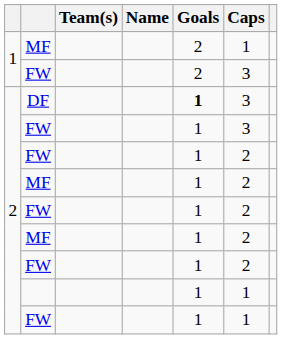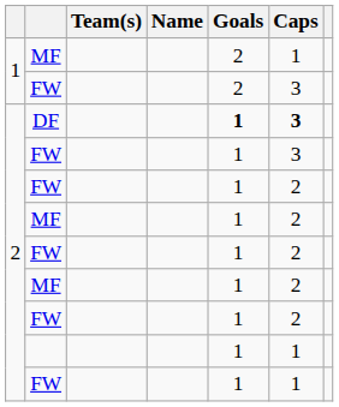 <table class="wikitable" style="text-align: center;">
 <tr>
 <th></th>
 <th></th>
 <th>Team(s)</th>
 <th>Name</th>
 <th>Goals</th>
 <th>Caps</th>
 <th></th>
 </tr>
 <tr>
 <td rowspan="2">1</td>
 <td><a href='#'>MF</a></td>
 <td></td>
 <td><strong></strong></td>
 <td>2</td>
 <td>1</td>
 <td></td>
 </tr>
 <tr>
 <td><a href='#'>FW</a></td>
 <td></td>
 <td><strong></strong></td>
 <td>2</td>
 <td>3</td>
 <td></td>
 </tr>
 <tr>
 <td rowspan="9">2</td>
 <td><a href='#'>DF</a></td>
 <td></td>
 <td><strong></strong></td>
 <td><strong>1</strong></td>
-<td>3</td>
+<td><strong>3</strong></td>
 <td></td>
 </tr>
 <tr>
 <td><a href='#'>FW</a></td>
 <td></td>
 <td><strong></strong></td>
 <td>1</td>
 <td>3</td>
 <td></td>
 </tr>
 <tr>
 <td><a href='#'>FW</a></td>
 <td></td>
 <td></td>
 <td>1</td>
 <td>2</td>
 <td></td>
 </tr>
 <tr>
 <td><a href='#'>MF</a></td>
 <td></td>
 <td><strong></strong></td>
 <td>1</td>
 <td>2</td>
 <td></td>
 </tr>
 <tr>
 <td><a href='#'>FW</a></td>
 <td></td>
 <td><strong></strong></td>
 <td>1</td>
 <td>2</td>
 <td></td>
 </tr>
 <tr>
 <td><a href='#'>MF</a></td>
 <td></td>
 <td><strong></strong></td>
 <td>1</td>
 <td>2</td>
 <td></td>
 </tr>
 <tr>
 <td><a href='#'>FW</a></td>
 <td></td>
 <td><strong></strong></td>
 <td>1</td>
 <td>2</td>
 <td></td>
 </tr>
 <tr>
 <td></td>
 <td></td>
 <td></td>
 <td>1</td>
 <td>1</td>
 <td></td>
 </tr>
 <tr>
 <td><a href='#'>FW</a></td>
 <td></td>
 <td></td>
 <td>1</td>
 <td>1</td>
 <td></td>
 </tr>
 </table>
